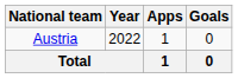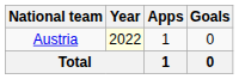 <table class="wikitable" style="text-align:center">
 <tr>
 <th>National team</th>
 <th>Year</th>
 <th>Apps</th>
 <th>Goals</th>
 </tr>
 <tr>
 <td><a href='#'>Austria</a></td>
-<td>2022</td>
+<td style="background: lightyellow;">2022</td>
 <td>1</td>
 <td>0</td>
 </tr>
 <tr>
 <th colspan="2">Total</th>
 <th>1</th>
 <th>0</th>
 </tr>
 </table>
